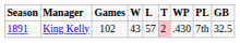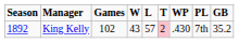 <table class="wikitable" | style="align: left; margin: 0px" |>
 <tr>
 <td><strong>Season</strong></td>
 <td><strong>Manager</strong></td>
 <td><strong>Games</strong></td>
 <td><strong>W</strong></td>
 <td><strong>L</strong></td>
 <td><strong>T</strong></td>
 <td><strong>WP</strong></td>
 <td><strong>PL</strong></td>
 <td><strong>GB</strong></td>
 </tr>
 <tr>
-<td><a href='#'>1891</a></td>
+<td><a href='#'>1892</a></td>
 <td><a href='#'>King Kelly</a></td>
 <td>  102</td>
 <td>43</td>
 <td>57</td>
 <td style="background: pink;">2</td>
 <td>.430</td>
 <td>7th</td>
-<td>32.5</td>
+<td>35.2</td>
 </tr>
 </table>
